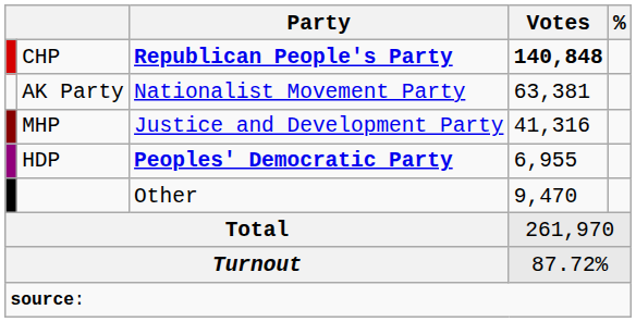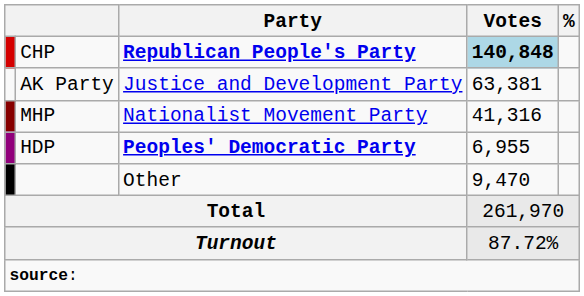 <table class="wikitable">
 <tr>
 <th colspan="2" align="center"></th>
 <th align="center">Party</th>
 <th align="center">Votes</th>
 <th align="center">%</th>
 </tr>
 <tr align="left">
 <td bgcolor="#d50000" width="1"></td>
 <td>CHP</td>
 <td><strong><a href='#'>Republican People's Party</a></strong></td>
-<td><strong>140,848</strong></td>
+<td style="background: lightblue;"><strong>140,848</strong></td>
 <td><strong></strong></td>
 </tr>
 <tr align="left">
 <td></td>
 <td>AK Party</td>
-<td><a href='#'>Nationalist Movement Party</a></td>
+<td><a href='#'>Justice and Development Party</a></td>
 <td>63,381</td>
 <td></td>
 </tr>
 <tr align="left">
 <td bgcolor="#870000" width="1"></td>
 <td>MHP</td>
-<td><a href='#'>Justice and Development Party</a></td>
+<td><a href='#'>Nationalist Movement Party</a></td>
 <td>41,316</td>
 <td></td>
 </tr>
 <tr align="left">
 <td bgcolor="#91007B" width="1"></td>
 <td>HDP</td>
 <td><strong><a href='#'>Peoples' Democratic Party</a></strong></td>
 <td>6,955</td>
 <td></td>
 </tr>
 <tr align="left">
 <td bgcolor=" " width="1"></td>
 <td></td>
 <td>Other</td>
 <td>9,470</td>
 <td></td>
 </tr>
 <tr align="left" style="background-color:#E9E9E9">
 <th colspan="3" align="center"><strong>Total</strong></th>
 <td colspan="5" align="center">261,970</td>
 </tr>
 <tr align="left" style="background-color:#E9E9E9">
 <th colspan="3" align="center"><em>Turnout</em></th>
 <td colspan="5" align="center">87.72%</td>
 </tr>
 <tr>
 <td colspan="9" align="left"><small><strong>source</strong>: </small></td>
 </tr>
 </table>
